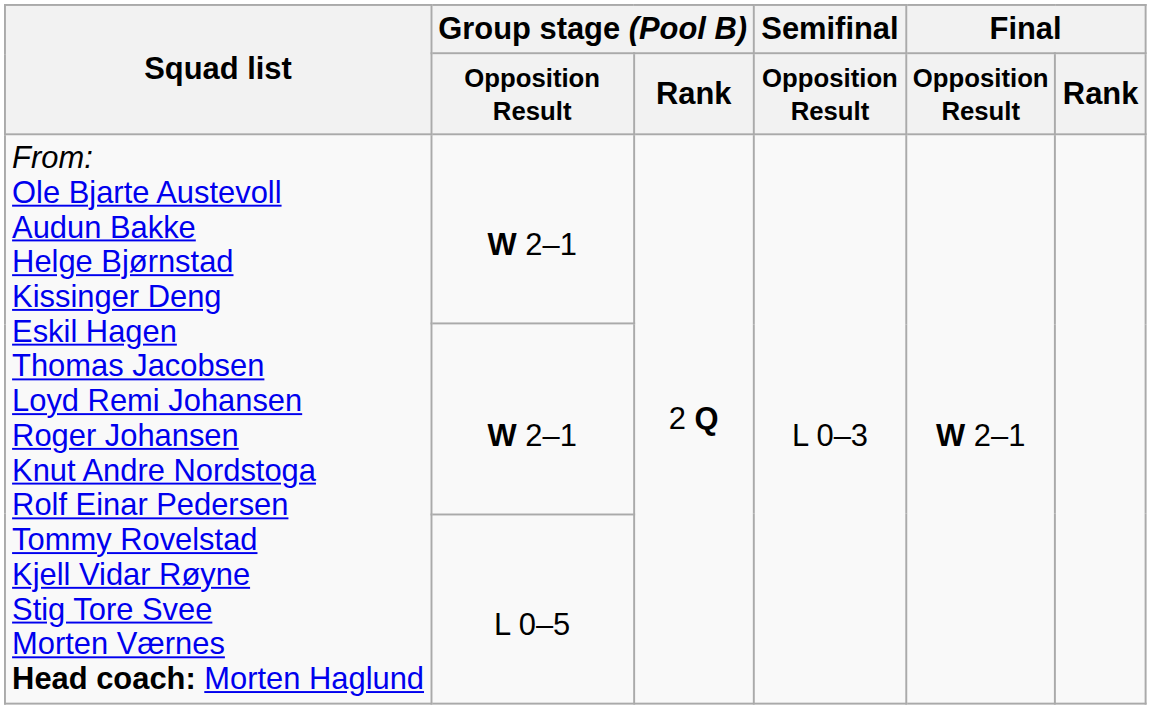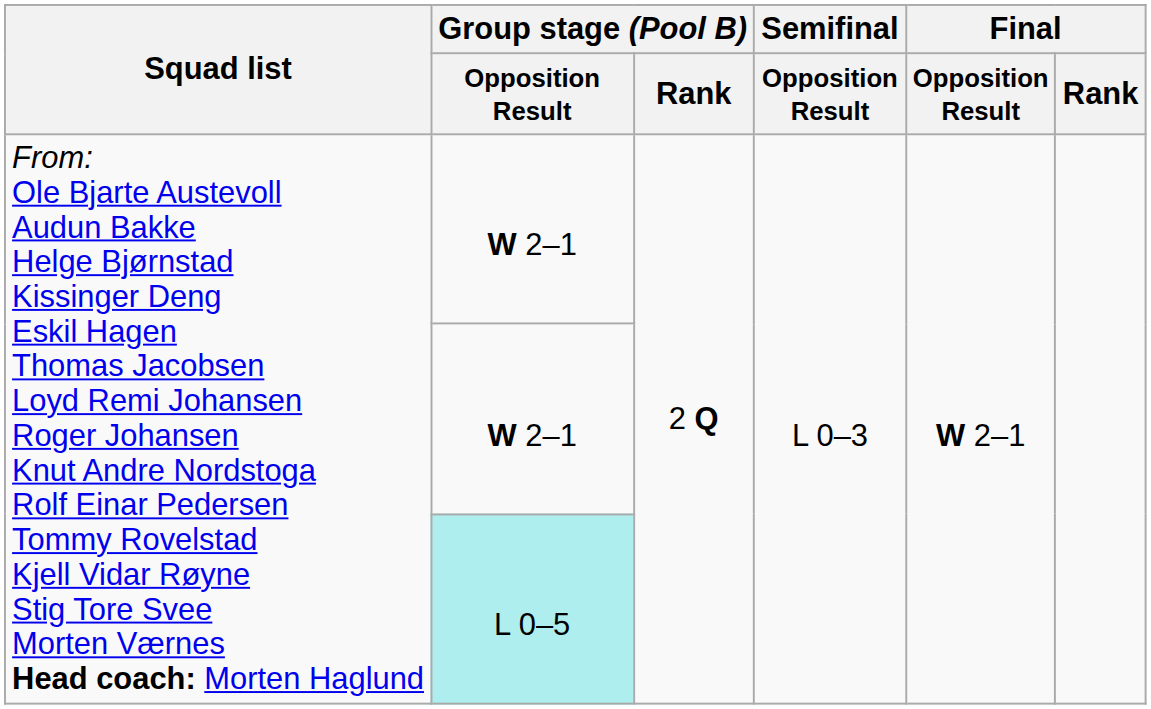 <table class=wikitable style="font-size:100%">
 <tr>
 <th rowspan="2">Squad list</th>
 <th colspan="2">Group stage <em>(Pool B)</em> </th>
 <th>Semifinal</th>
 <th colspan="2">Final</th>
 </tr>
 <tr>
 <th style="line-height:1em"><small>Opposition<br>Result</small></th>
 <th>Rank</th>
 <th style="line-height:1em"><small>Opposition<br>Result</small></th>
 <th style="line-height:1em"><small>Opposition<br>Result</small></th>
 <th>Rank</th>
 </tr>
 <tr>
 <td rowspan="3"><em>From:</em><br><a href='#'>Ole Bjarte Austevoll</a> <br><a href='#'>Audun Bakke</a> <br><a href='#'>Helge Bjørnstad</a> <br><a href='#'>Kissinger Deng</a> <br><a href='#'>Eskil Hagen</a> <br><a href='#'>Thomas Jacobsen</a> <br><a href='#'>Loyd Remi Johansen</a> <br><a href='#'>Roger Johansen</a> <br><a href='#'>Knut Andre Nordstoga</a> <br><a href='#'>Rolf Einar Pedersen</a> <br><a href='#'>Tommy Rovelstad</a> <br><a href='#'>Kjell Vidar Røyne</a> <br><a href='#'>Stig Tore Svee</a> <br><a href='#'>Morten Værnes</a> <br><strong>Head coach:</strong> <a href='#'>Morten Haglund</a></td>
 <td align="center"><br><strong>W</strong> 2–1</td>
 <td rowspan="3" align="center">2 <strong>Q</strong></td>
 <td rowspan="3" align="center"><br>L 0–3</td>
 <td rowspan="3" align="center"><br><strong>W</strong> 2–1</td>
 <td rowspan="3" align="center"></td>
 </tr>
 <tr>
 <td align="center"><br><strong>W</strong> 2–1</td>
 </tr>
 <tr>
-<td align="center"><br>L 0–5</td>
+<td align="center" style="background: paleturquoise;"><br>L 0–5</td>
 </tr>
 </table>
